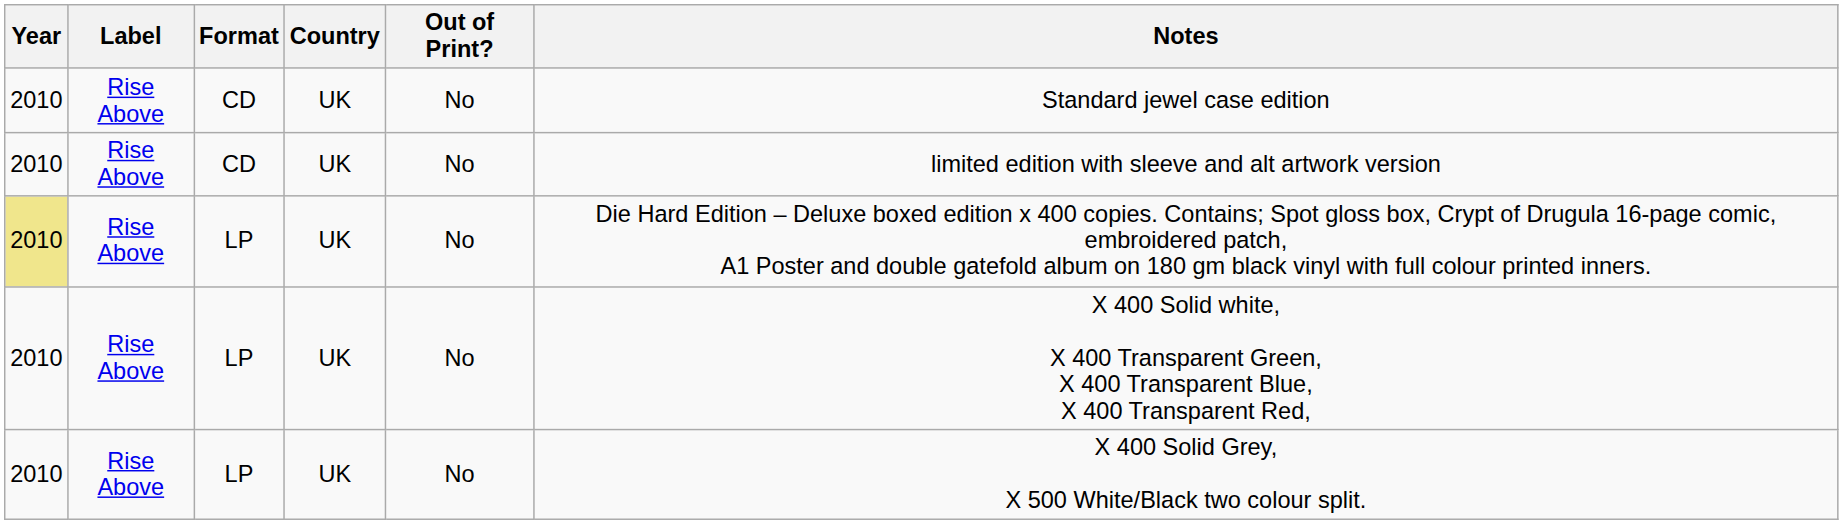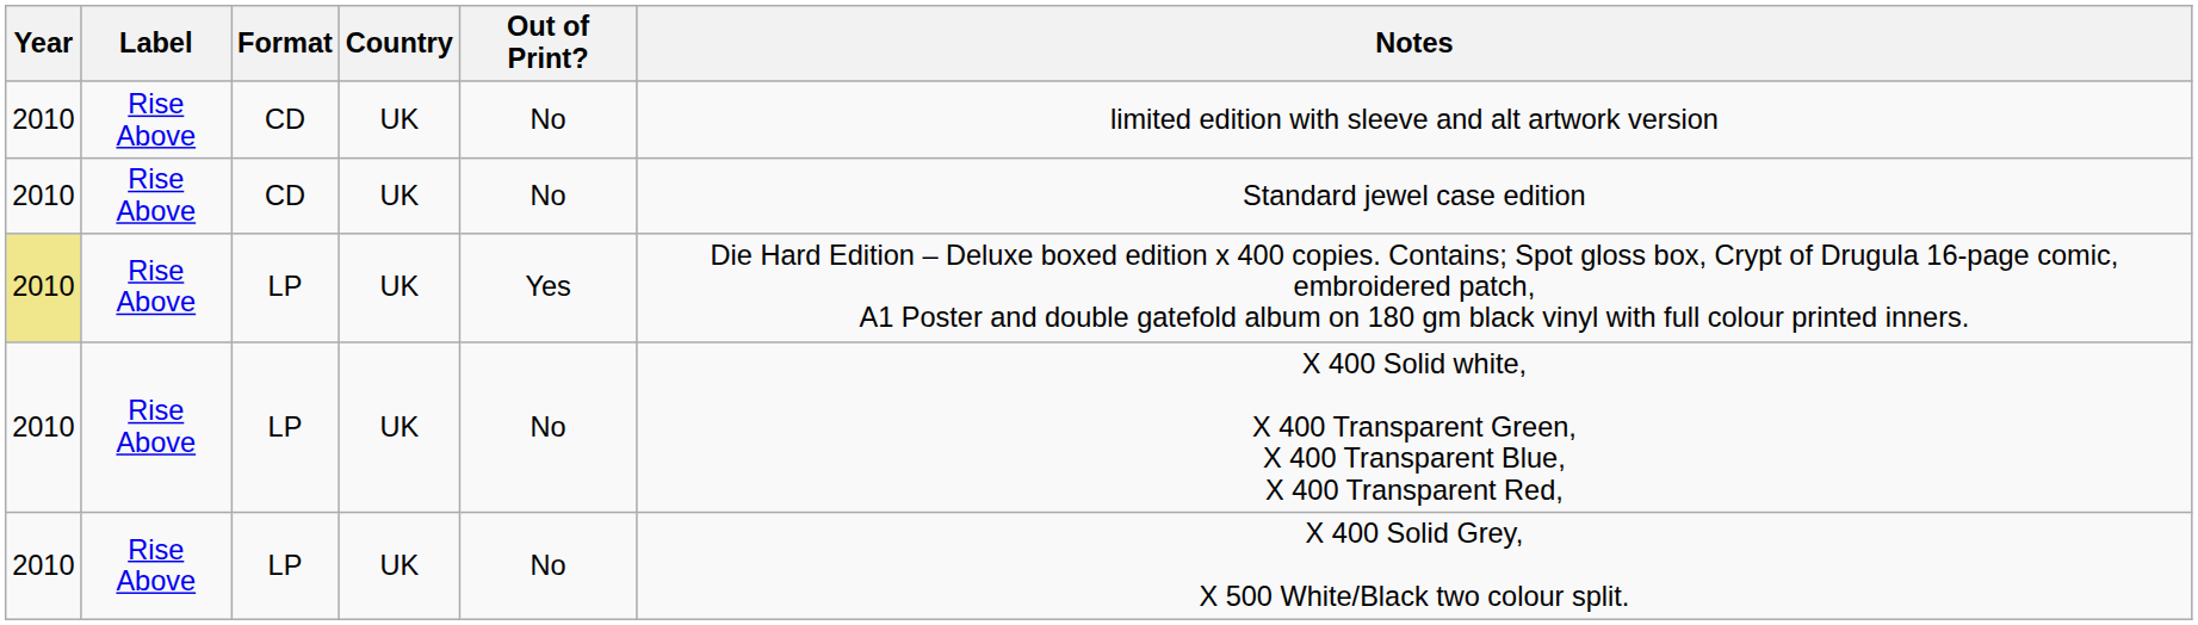 <table class="wikitable" style="text-align:center;">
 <tr>
 <th>Year</th>
 <th>Label</th>
 <th>Format</th>
 <th>Country</th>
 <th>Out of Print?</th>
 <th>Notes</th>
 </tr>
 <tr>
 <td>2010</td>
 <td><a href='#'>Rise Above</a></td>
 <td>CD</td>
 <td>UK</td>
 <td>No</td>
-<td>Standard jewel case edition</td>
+<td>limited edition with sleeve and alt artwork version</td>
 </tr>
 <tr>
 <td>2010</td>
 <td><a href='#'>Rise Above</a></td>
 <td>CD</td>
 <td>UK</td>
 <td>No</td>
-<td>limited edition with sleeve and alt artwork version</td>
+<td>Standard jewel case edition</td>
 </tr>
 <tr>
 <td style="background: khaki;">2010</td>
 <td><a href='#'>Rise Above</a></td>
 <td>LP</td>
 <td>UK</td>
-<td>No</td>
+<td>Yes</td>
 <td>Die Hard Edition – Deluxe boxed edition x 400 copies. Contains; Spot gloss box, Crypt of Drugula 16-page comic, embroidered patch,<br>A1 Poster and double gatefold album on 180 gm black vinyl with full colour printed inners.</td>
 </tr>
 <tr>
 <td>2010</td>
 <td><a href='#'>Rise Above</a></td>
 <td>LP</td>
 <td>UK</td>
 <td>No</td>
 <td>X 400 Solid white,<br><br>X 400 Transparent Green,<br> X 400 Transparent Blue, <br> X 400 Transparent Red,<br></td>
 </tr>
 <tr>
 <td>2010</td>
 <td><a href='#'>Rise Above</a></td>
 <td>LP</td>
 <td>UK</td>
 <td>No</td>
 <td>X 400 Solid Grey,<br><br>X 500 White/Black two colour split.<br></td>
 </tr>
 </table>
